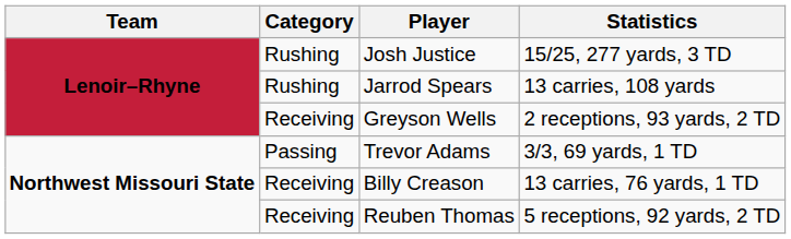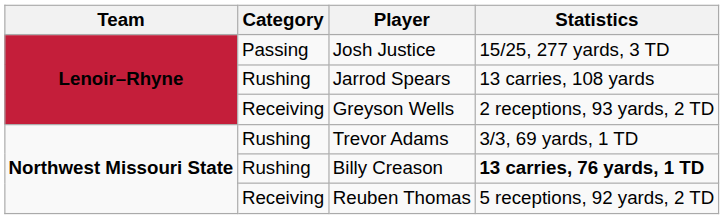 <table class="wikitable" style="float: right;">
 <tr>
 <th>Team</th>
 <th>Category</th>
 <th>Player</th>
 <th>Statistics</th>
 </tr>
 <tr>
 <td rowspan=3 style="background-color:#C41E3A; color:#000000; text-align:center;"><strong>Lenoir–Rhyne</strong></td>
-<td>Rushing</td>
+<td>Passing</td>
 <td>Josh Justice</td>
 <td>15/25, 277 yards, 3 TD</td>
 </tr>
 <tr>
 <td>Rushing</td>
 <td>Jarrod Spears</td>
 <td>13 carries, 108 yards</td>
 </tr>
 <tr>
 <td>Receiving</td>
 <td>Greyson Wells</td>
 <td>2 receptions, 93 yards, 2 TD</td>
 </tr>
 <tr>
 <td rowspan=3><strong>Northwest Missouri State</strong></td>
-<td>Passing</td>
+<td>Rushing</td>
 <td>Trevor Adams</td>
 <td>3/3, 69 yards, 1 TD</td>
 </tr>
 <tr>
-<td>Receiving</td>
+<td>Rushing</td>
 <td>Billy Creason</td>
-<td>13 carries, 76 yards, 1 TD</td>
+<td><strong>13 carries, 76 yards, 1 TD</strong></td>
 </tr>
 <tr>
 <td>Receiving</td>
 <td>Reuben Thomas</td>
 <td>5 receptions, 92 yards, 2 TD</td>
 </tr>
 </table>
